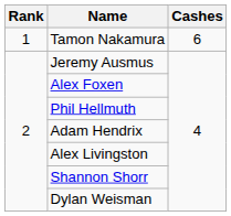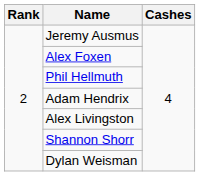 <table class="wikitable" style="display: inline-table;">
 <tr>
 <th>Rank</th>
 <th>Name</th>
 <th>Cashes</th>
-</tr>
-<tr>
-<td align=center>1</td>
-<td> Tamon Nakamura</td>
-<td align=center>6</td>
 </tr>
 <tr>
 <td rowspan=7 align=center>2</td>
 <td> Jeremy Ausmus</td>
 <td rowspan=7 align=center>4</td>
 </tr>
 <tr>
 <td> <a href='#'>Alex Foxen</a></td>
 </tr>
 <tr>
 <td> <a href='#'>Phil Hellmuth</a></td>
 </tr>
 <tr>
 <td> Adam Hendrix</td>
 </tr>
 <tr>
 <td> Alex Livingston</td>
 </tr>
 <tr>
 <td> <a href='#'>Shannon Shorr</a></td>
 </tr>
 <tr>
 <td> Dylan Weisman</td>
 </tr>
 </table>
